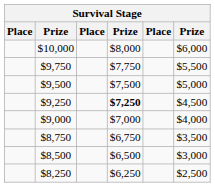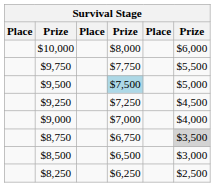 <table class="wikitable" style="text-align:center; margin-top:0px;">
 <tr>
 <th colspan=6>Survival Stage</th>
 </tr>
 <tr>
 <th>Place</th>
 <th>Prize </th>
 <th>Place</th>
 <th>Prize </th>
 <th>Place</th>
 <th>Prize </th>
 </tr>
 <tr>
 <td></td>
 <td>$10,000</td>
 <td></td>
 <td>$8,000</td>
 <td></td>
 <td>$6,000</td>
 </tr>
 <tr>
 <td></td>
 <td>$9,750</td>
 <td></td>
 <td>$7,750</td>
 <td></td>
 <td>$5,500</td>
 </tr>
 <tr>
 <td></td>
 <td>$9,500</td>
 <td></td>
-<td>$7,500</td>
+<td style="background: lightblue;">$7,500</td>
 <td></td>
 <td>$5,000</td>
 </tr>
 <tr>
 <td></td>
 <td>$9,250</td>
 <td></td>
-<td><strong>$7,250</strong></td>
+<td>$7,250</td>
 <td></td>
 <td>$4,500</td>
 </tr>
 <tr>
 <td></td>
 <td>$9,000</td>
 <td></td>
 <td>$7,000</td>
 <td></td>
 <td>$4,000</td>
 </tr>
 <tr>
 <td></td>
 <td>$8,750</td>
 <td></td>
 <td>$6,750</td>
 <td></td>
-<td>$3,500</td>
+<td style="background: lightgrey;">$3,500</td>
 </tr>
 <tr>
 <td></td>
 <td>$8,500</td>
 <td></td>
 <td>$6,500</td>
 <td></td>
 <td>$3,000</td>
 </tr>
 <tr>
 <td></td>
 <td>$8,250</td>
 <td></td>
 <td>$6,250</td>
 <td></td>
 <td>$2,500</td>
 </tr>
 </table>
